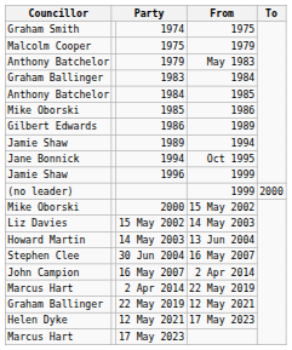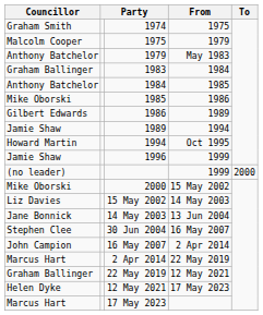 <table class=wikitable>
 <tr>
 <th>Councillor</th>
 <th colspan=2>Party</th>
 <th>From</th>
 <th>To</th>
 </tr>
 <tr>
 <td>Graham Smith</td>
 <td></td>
 <td align=right>1974</td>
 <td align=right>1975</td>
 </tr>
 <tr>
 <td>Malcolm Cooper</td>
 <td></td>
 <td align=right>1975</td>
 <td align=right>1979</td>
 </tr>
 <tr>
 <td>Anthony Batchelor</td>
 <td></td>
 <td align=right>1979</td>
 <td align=right>May 1983</td>
 </tr>
 <tr>
 <td>Graham Ballinger</td>
 <td></td>
 <td align=right>1983</td>
 <td align=right>1984</td>
 </tr>
 <tr>
 <td>Anthony Batchelor</td>
 <td></td>
 <td align=right>1984</td>
 <td align=right>1985</td>
 </tr>
 <tr>
 <td>Mike Oborski</td>
 <td></td>
 <td align=right>1985</td>
 <td align=right>1986</td>
 </tr>
 <tr>
 <td>Gilbert Edwards</td>
 <td></td>
 <td align=right>1986</td>
 <td align=right>1989</td>
 </tr>
 <tr>
 <td>Jamie Shaw</td>
 <td></td>
 <td align=right>1989</td>
 <td align=right>1994</td>
 </tr>
 <tr>
-<td>Jane Bonnick</td>
+<td>Howard Martin</td>
 <td></td>
 <td align=right>1994</td>
 <td align=right>Oct 1995</td>
 </tr>
 <tr>
 <td>Jamie Shaw</td>
 <td></td>
 <td align=right>1996</td>
 <td align=right>1999</td>
 </tr>
 <tr>
 <td>(no leader)</td>
 <td></td>
 <td></td>
 <td align=right>1999</td>
 <td align=right>2000</td>
 </tr>
 <tr>
 <td>Mike Oborski</td>
 <td></td>
 <td align=right>2000</td>
 <td align=right>15 May 2002</td>
 </tr>
 <tr>
 <td>Liz Davies</td>
 <td></td>
 <td align=right>15 May 2002</td>
 <td align=right>14 May 2003</td>
 </tr>
 <tr>
-<td>Howard Martin</td>
+<td>Jane Bonnick</td>
 <td></td>
 <td align=right>14 May 2003</td>
 <td align=right>13 Jun 2004</td>
 </tr>
 <tr>
 <td>Stephen Clee</td>
 <td></td>
 <td align=right>30 Jun 2004</td>
 <td align=right>16 May 2007</td>
 </tr>
 <tr>
 <td>John Campion</td>
 <td></td>
 <td align=right>16 May 2007</td>
 <td align=right>2 Apr 2014</td>
 </tr>
 <tr>
 <td>Marcus Hart</td>
 <td></td>
 <td align=right>2 Apr 2014</td>
 <td align=right>22 May 2019</td>
 </tr>
 <tr>
 <td>Graham Ballinger</td>
 <td></td>
 <td align=right>22 May 2019</td>
 <td align=right>12 May 2021</td>
 </tr>
 <tr>
 <td>Helen Dyke</td>
 <td></td>
 <td align=right>12 May 2021</td>
 <td align=right>17 May 2023</td>
 </tr>
 <tr>
 <td>Marcus Hart</td>
 <td></td>
 <td align=right>17 May 2023</td>
 <td align=right></td>
 </tr>
 </table>
